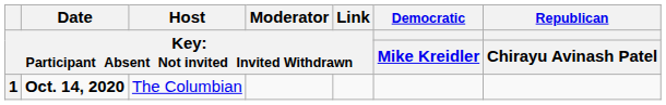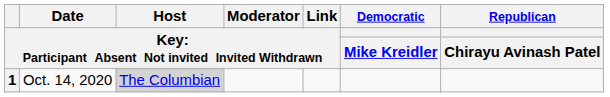 <table class="wikitable" style="text-align:center;">
 <tr>
 <th scope="col"></th>
 <th scope="col">Date</th>
 <th scope="col">Host</th>
 <th scope="col">Moderator</th>
 <th scope="col">Link</th>
 <th scope="col"><small><a href='#'>Democratic</a></small></th>
 <th scope="col"><small><a href='#'>Republican</a></small></th>
 </tr>
 <tr>
 <th colspan="5" rowspan="2">Key:<br> <small>Participant </small>  <small>Absent </small>  <small>Not invited </small>  <small>Invited  Withdrawn</small></th>
 <th scope="col" style="background:"></th>
 <th scope="col" style="background:"></th>
 </tr>
 <tr>
 <th scope="col"><a href='#'>Mike Kreidler</a></th>
 <th scope="col">Chirayu Avinash Patel</th>
 </tr>
 <tr>
 <th>1</th>
-<td style="white-space:nowrap;"><strong>Oct. 14, 2020</strong></td>
-<td style="white-space:nowrap;"><a href='#'>The Columbian</a></td>
+<td style="white-space:nowrap;">Oct. 14, 2020</td>
+<td style="background: lightgrey; white-space:nowrap;"><a href='#'>The Columbian</a></td>
 <td style="white-space:nowrap;"></td>
 <td style="white-space:nowrap;"></td>
 <td></td>
 <td></td>
 </tr>
 </table>
